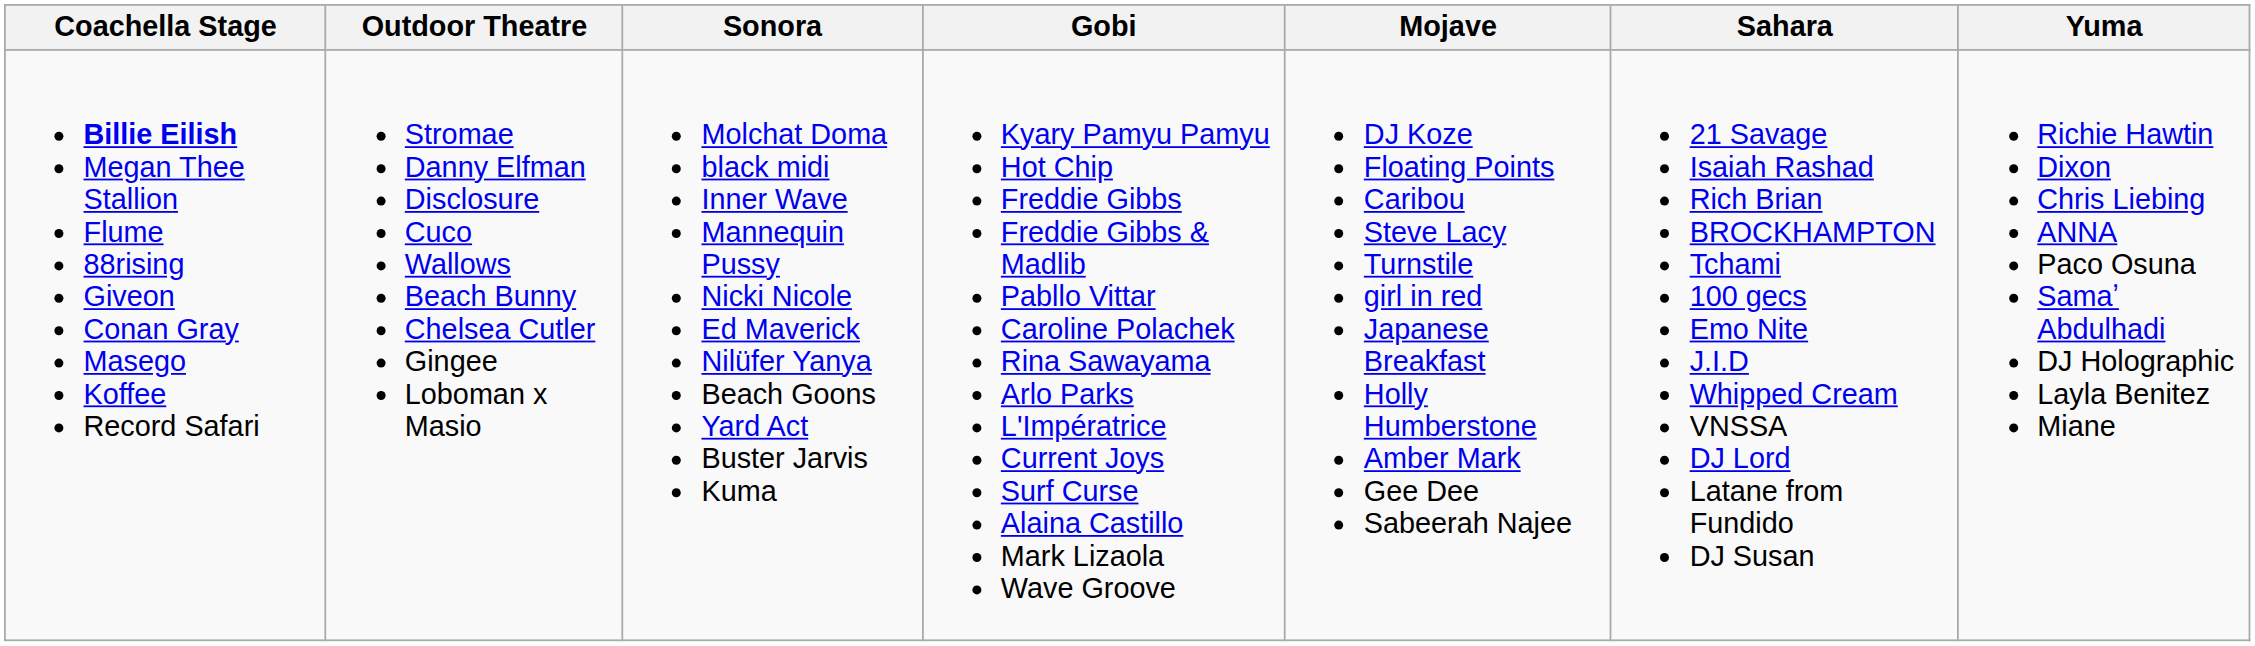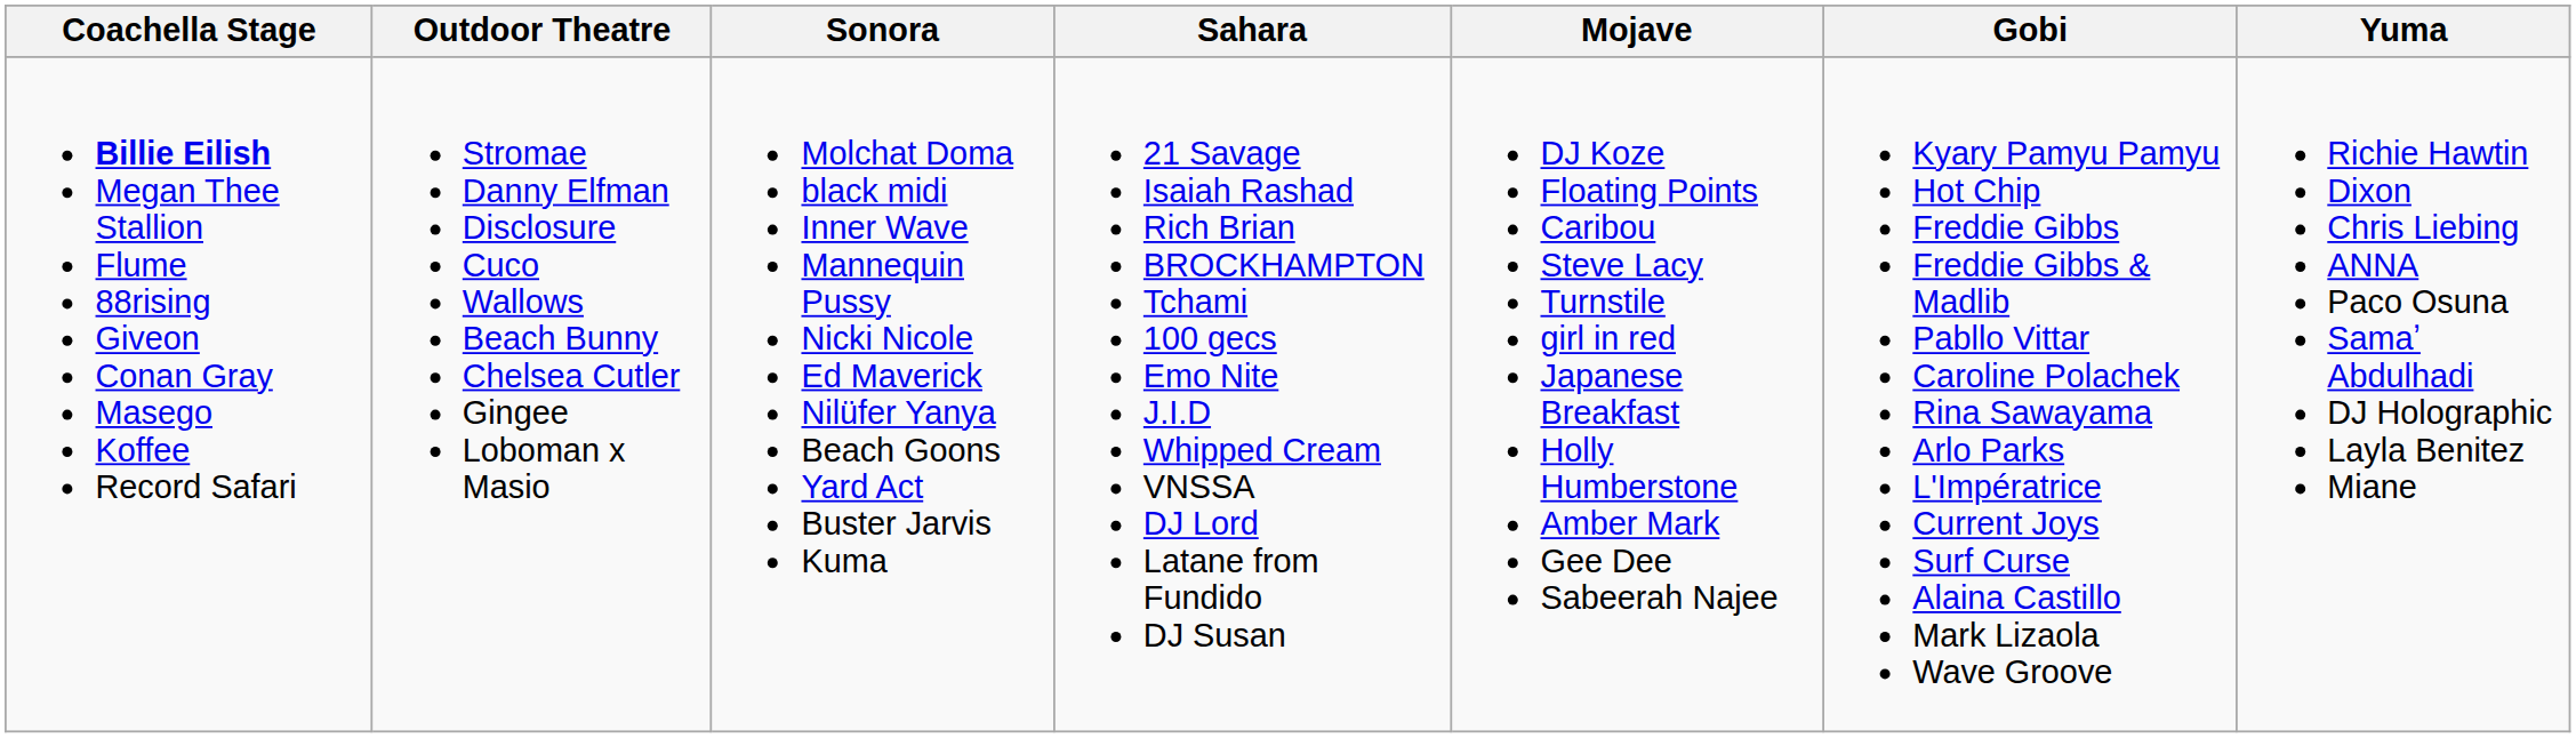 <table class="wikitable">
 <tr>
 <th>Coachella Stage</th>
 <th>Outdoor Theatre</th>
 <th>Sonora</th>
+<th>Sahara</th>
+<th>Mojave</th>
 <th>Gobi</th>
-<th>Mojave</th>
-<th>Sahara</th>
 <th>Yuma</th>
 </tr>
 <tr valign="top">
 <td><br><ul><li><strong><a href='#'>Billie Eilish</a></strong></li><li><a href='#'>Megan Thee Stallion</a></li><li><a href='#'>Flume</a></li><li><a href='#'>88rising</a></li><li><a href='#'>Giveon</a></li><li><a href='#'>Conan Gray</a></li><li><a href='#'>Masego</a></li><li><a href='#'>Koffee</a></li><li>Record Safari</li></ul></td>
 <td><br><ul><li><a href='#'>Stromae</a></li><li><a href='#'>Danny Elfman</a></li><li><a href='#'>Disclosure</a></li><li><a href='#'>Cuco</a></li><li><a href='#'>Wallows</a></li><li><a href='#'>Beach Bunny</a></li><li><a href='#'>Chelsea Cutler</a> </li><li>Gingee </li><li>Loboman x Masio </li></ul></td>
 <td><br><ul><li><a href='#'>Molchat Doma</a></li><li><a href='#'>black midi</a></li><li><a href='#'>Inner Wave</a></li><li><a href='#'>Mannequin Pussy</a></li><li><a href='#'>Nicki Nicole</a></li><li><a href='#'>Ed Maverick</a></li><li><a href='#'>Nilüfer Yanya</a></li><li>Beach Goons</li><li><a href='#'>Yard Act</a></li><li>Buster Jarvis </li><li>Kuma </li></ul></td>
+<td><br><ul><li><a href='#'>21 Savage</a></li><li><a href='#'>Isaiah Rashad</a></li><li><a href='#'>Rich Brian</a></li><li><a href='#'>BROCKHAMPTON</a></li><li><a href='#'>Tchami</a></li><li><a href='#'>100 gecs</a></li><li><a href='#'>Emo Nite</a></li><li><a href='#'>J.I.D</a></li><li><a href='#'>Whipped Cream</a></li><li>VNSSA</li><li><a href='#'>DJ Lord</a> </li><li>Latane from Fundido </li><li>DJ Susan </li></ul></td>
+<td><br><ul><li><a href='#'>DJ Koze</a></li><li><a href='#'>Floating Points</a></li><li><a href='#'>Caribou</a></li><li><a href='#'>Steve Lacy</a></li><li><a href='#'>Turnstile</a></li><li><a href='#'>girl in red</a></li><li><a href='#'>Japanese Breakfast</a></li><li><a href='#'>Holly Humberstone</a></li><li><a href='#'>Amber Mark</a></li><li>Gee Dee </li><li>Sabeerah Najee </li></ul></td>
 <td><br><ul><li><a href='#'>Kyary Pamyu Pamyu</a></li><li><a href='#'>Hot Chip</a></li><li><a href='#'>Freddie Gibbs</a> </li><li><a href='#'>Freddie Gibbs & Madlib</a> </li><li><a href='#'>Pabllo Vittar</a></li><li><a href='#'>Caroline Polachek</a></li><li><a href='#'>Rina Sawayama</a></li><li><a href='#'>Arlo Parks</a></li><li><a href='#'>L'Impératrice</a></li><li><a href='#'>Current Joys</a> </li><li><a href='#'>Surf Curse</a> </li><li><a href='#'>Alaina Castillo</a></li><li>Mark Lizaola </li><li>Wave Groove </li></ul></td>
-<td><br><ul><li><a href='#'>DJ Koze</a></li><li><a href='#'>Floating Points</a></li><li><a href='#'>Caribou</a></li><li><a href='#'>Steve Lacy</a></li><li><a href='#'>Turnstile</a></li><li><a href='#'>girl in red</a></li><li><a href='#'>Japanese Breakfast</a></li><li><a href='#'>Holly Humberstone</a></li><li><a href='#'>Amber Mark</a></li><li>Gee Dee </li><li>Sabeerah Najee </li></ul></td>
-<td><br><ul><li><a href='#'>21 Savage</a></li><li><a href='#'>Isaiah Rashad</a></li><li><a href='#'>Rich Brian</a></li><li><a href='#'>BROCKHAMPTON</a></li><li><a href='#'>Tchami</a></li><li><a href='#'>100 gecs</a></li><li><a href='#'>Emo Nite</a></li><li><a href='#'>J.I.D</a></li><li><a href='#'>Whipped Cream</a></li><li>VNSSA</li><li><a href='#'>DJ Lord</a> </li><li>Latane from Fundido </li><li>DJ Susan </li></ul></td>
 <td><br><ul><li><a href='#'>Richie Hawtin</a></li><li><a href='#'>Dixon</a></li><li><a href='#'>Chris Liebing</a></li><li><a href='#'>ANNA</a></li><li>Paco Osuna</li><li><a href='#'>Samaʼ Abdulhadi</a></li><li>DJ Holographic</li><li>Layla Benitez</li><li>Miane</li></ul></td>
 </tr>
 </table>
